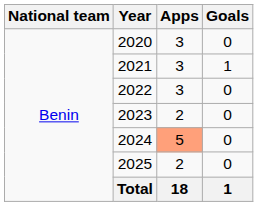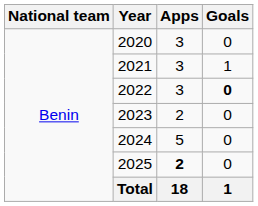 <table class="wikitable" style="text-align:center">
 <tr>
 <th>National team</th>
 <th>Year</th>
 <th>Apps</th>
 <th>Goals</th>
 </tr>
 <tr>
 <td rowspan="7"><a href='#'>Benin</a></td>
 <td>2020</td>
 <td>3</td>
 <td>0</td>
 </tr>
 <tr>
 <td>2021</td>
 <td>3</td>
 <td>1</td>
 </tr>
 <tr>
 <td>2022</td>
 <td>3</td>
-<td>0</td>
+<td><strong>0</strong></td>
 </tr>
 <tr>
 <td>2023</td>
 <td>2</td>
 <td>0</td>
 </tr>
 <tr>
 <td>2024</td>
-<td style="background: lightsalmon;">5</td>
+<td>5</td>
 <td>0</td>
 </tr>
 <tr>
 <td>2025</td>
-<td>2</td>
+<td><strong>2</strong></td>
 <td>0</td>
 </tr>
 <tr>
 <th>Total</th>
 <th>18</th>
 <th>1</th>
 </tr>
 </table>
